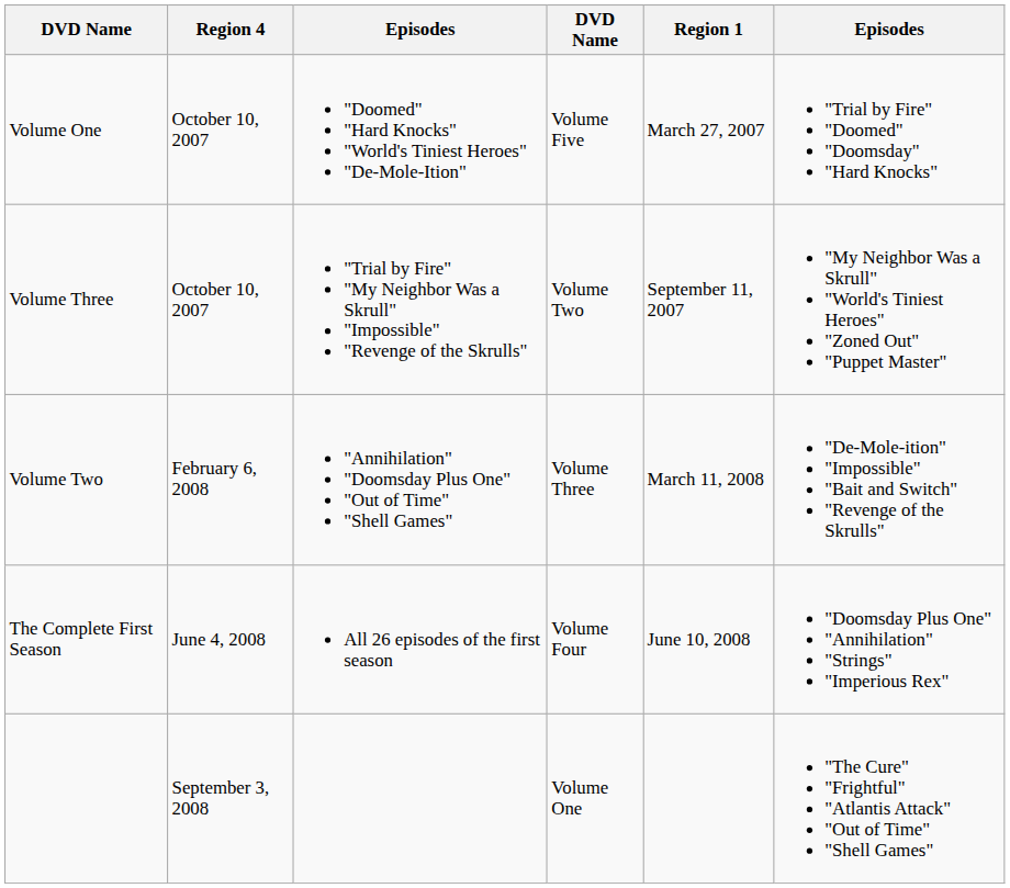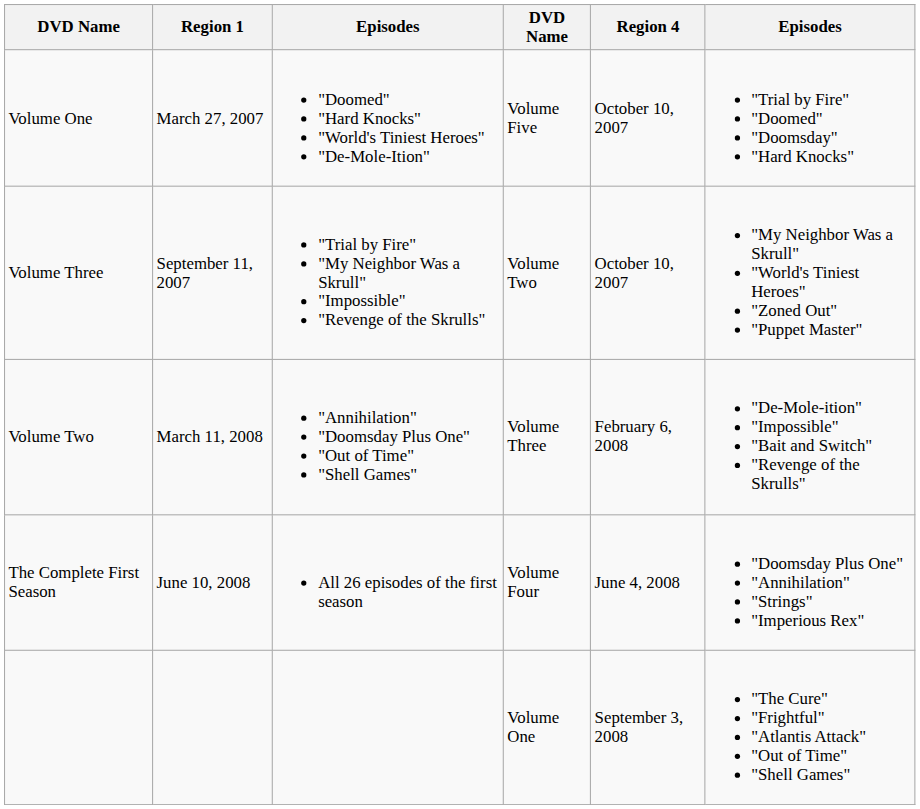 <table class="wikitable">
 <tr>
 <th>DVD Name</th>
-<th>Region 4</th>
+<th>Region 1</th>
 <th>Episodes</th>
 <th>DVD Name</th>
-<th>Region 1</th>
+<th>Region 4</th>
 <th>Episodes</th>
 </tr>
 <tr>
 <td>Volume One</td>
-<td>October 10, 2007</td>
+<td>March 27, 2007</td>
 <td><br><ul><li>"Doomed"</li><li>"Hard Knocks"</li><li>"World's Tiniest Heroes"</li><li>"De-Mole-Ition"</li></ul></td>
 <td>Volume Five</td>
-<td>March 27, 2007</td>
+<td>October 10, 2007</td>
 <td><br><ul><li>"Trial by Fire"</li><li>"Doomed"</li><li>"Doomsday"</li><li>"Hard Knocks"</li></ul></td>
 </tr>
 <tr>
 <td>Volume Three</td>
-<td>October 10, 2007</td>
+<td>September 11, 2007</td>
 <td><br><ul><li>"Trial by Fire"</li><li>"My Neighbor Was a Skrull"</li><li>"Impossible"</li><li>"Revenge of the Skrulls"</li></ul></td>
 <td>Volume Two</td>
-<td>September 11, 2007</td>
+<td>October 10, 2007</td>
 <td><br><ul><li>"My Neighbor Was a Skrull"</li><li>"World's Tiniest Heroes"</li><li>"Zoned Out"</li><li>"Puppet Master"</li></ul></td>
 </tr>
 <tr>
 <td>Volume Two</td>
-<td>February 6, 2008</td>
+<td>March 11, 2008</td>
 <td><br><ul><li>"Annihilation"</li><li>"Doomsday Plus One"</li><li>"Out of Time"</li><li>"Shell Games"</li></ul></td>
 <td>Volume Three</td>
-<td>March 11, 2008</td>
+<td>February 6, 2008</td>
 <td><br><ul><li>"De-Mole-ition"</li><li>"Impossible"</li><li>"Bait and Switch"</li><li>"Revenge of the Skrulls"</li></ul></td>
 </tr>
 <tr>
 <td>The Complete First Season</td>
-<td>June 4, 2008</td>
+<td>June 10, 2008</td>
 <td><br><ul><li>All 26 episodes of the first season</li></ul></td>
 <td>Volume Four</td>
-<td>June 10, 2008</td>
+<td>June 4, 2008</td>
 <td><br><ul><li>"Doomsday Plus One"</li><li>"Annihilation"</li><li>"Strings"</li><li>"Imperious Rex"</li></ul></td>
 </tr>
 <tr>
 <td></td>
-<td>September 3, 2008</td>
+<td></td>
 <td></td>
 <td>Volume One</td>
-<td></td>
+<td>September 3, 2008</td>
 <td><br><ul><li>"The Cure"</li><li>"Frightful"</li><li>"Atlantis Attack"</li><li>"Out of Time"</li><li>"Shell Games"</li></ul></td>
 </tr>
 </table>
